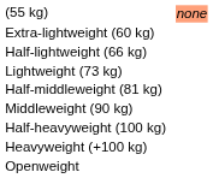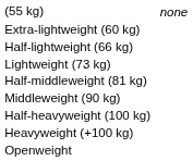 <table>
 <tr>
 <td rowspan=2>(55 kg)<br></td>
 <td rowspan=2></td>
 <td rowspan=2></td>
 <td></td>
 </tr>
 <tr>
-<td style="background: lightsalmon;"><em>none</em></td>
+<td><em>none</em></td>
 </tr>
 <tr>
 <td rowspan=2>Extra-lightweight (60 kg)<br></td>
 <td rowspan=2></td>
 <td rowspan=2></td>
 <td></td>
 </tr>
 <tr>
 <td></td>
 </tr>
 <tr>
 <td rowspan=2>Half-lightweight (66 kg)<br></td>
 <td rowspan=2></td>
 <td rowspan=2></td>
 <td></td>
 </tr>
 <tr>
 <td></td>
 </tr>
 <tr>
 <td rowspan=2>Lightweight (73 kg)<br></td>
 <td rowspan=2></td>
 <td rowspan=2></td>
 <td></td>
 </tr>
 <tr>
 <td></td>
 </tr>
 <tr>
 <td rowspan=2>Half-middleweight (81 kg)<br></td>
 <td rowspan=2></td>
 <td rowspan=2></td>
 <td></td>
 </tr>
 <tr>
 <td></td>
 </tr>
 <tr>
 <td rowspan=2>Middleweight (90 kg)<br></td>
 <td rowspan=2></td>
 <td rowspan=2></td>
 <td></td>
 </tr>
 <tr>
 <td></td>
 </tr>
 <tr>
 <td rowspan=2>Half-heavyweight (100 kg)<br></td>
 <td rowspan=2></td>
 <td rowspan=2></td>
 <td></td>
 </tr>
 <tr>
 <td></td>
 </tr>
 <tr>
 <td rowspan=2>Heavyweight (+100 kg)<br></td>
 <td rowspan=2></td>
 <td rowspan=2></td>
 <td></td>
 </tr>
 <tr>
 <td></td>
 </tr>
 <tr>
 <td rowspan=2>Openweight<br></td>
 <td rowspan=2></td>
 <td rowspan=2></td>
 <td></td>
 </tr>
 <tr>
 <td></td>
 </tr>
 </table>
